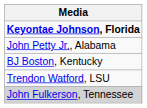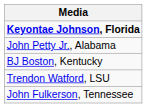 <table class="wikitable" style="white-space:nowrap; font-size:90%;">
 <tr>
 <th>Media</th>
 </tr>
 <tr>
 <td><strong><a href='#'>Keyontae Johnson</a>, Florida</strong></td>
 </tr>
 <tr>
 <td><a href='#'>John Petty Jr.</a>, Alabama</td>
 </tr>
 <tr>
 <td><a href='#'>BJ Boston</a>, Kentucky</td>
 </tr>
 <tr>
 <td><a href='#'>Trendon Watford</a>, LSU</td>
 </tr>
 <tr>
-<td style="background: lightgrey;"><a href='#'>John Fulkerson</a>, Tennessee</td>
+<td><a href='#'>John Fulkerson</a>, Tennessee</td>
 </tr>
 </table>
